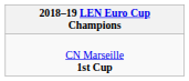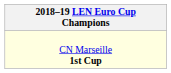 <table class="wikitable" style="margin: 0 auto; width: 30%;">
 <tr>
 <th>2018–19 <a href='#'>LEN Euro Cup</a><br>Champions</th>
 </tr>
 <tr>
-<td align=center><br><a href='#'>CN Marseille</a><br><strong>1st Cup</strong></td>
+<td align=center style="background: lightyellow;"><br><a href='#'>CN Marseille</a><br><strong>1st Cup</strong></td>
 </tr>
 </table>
